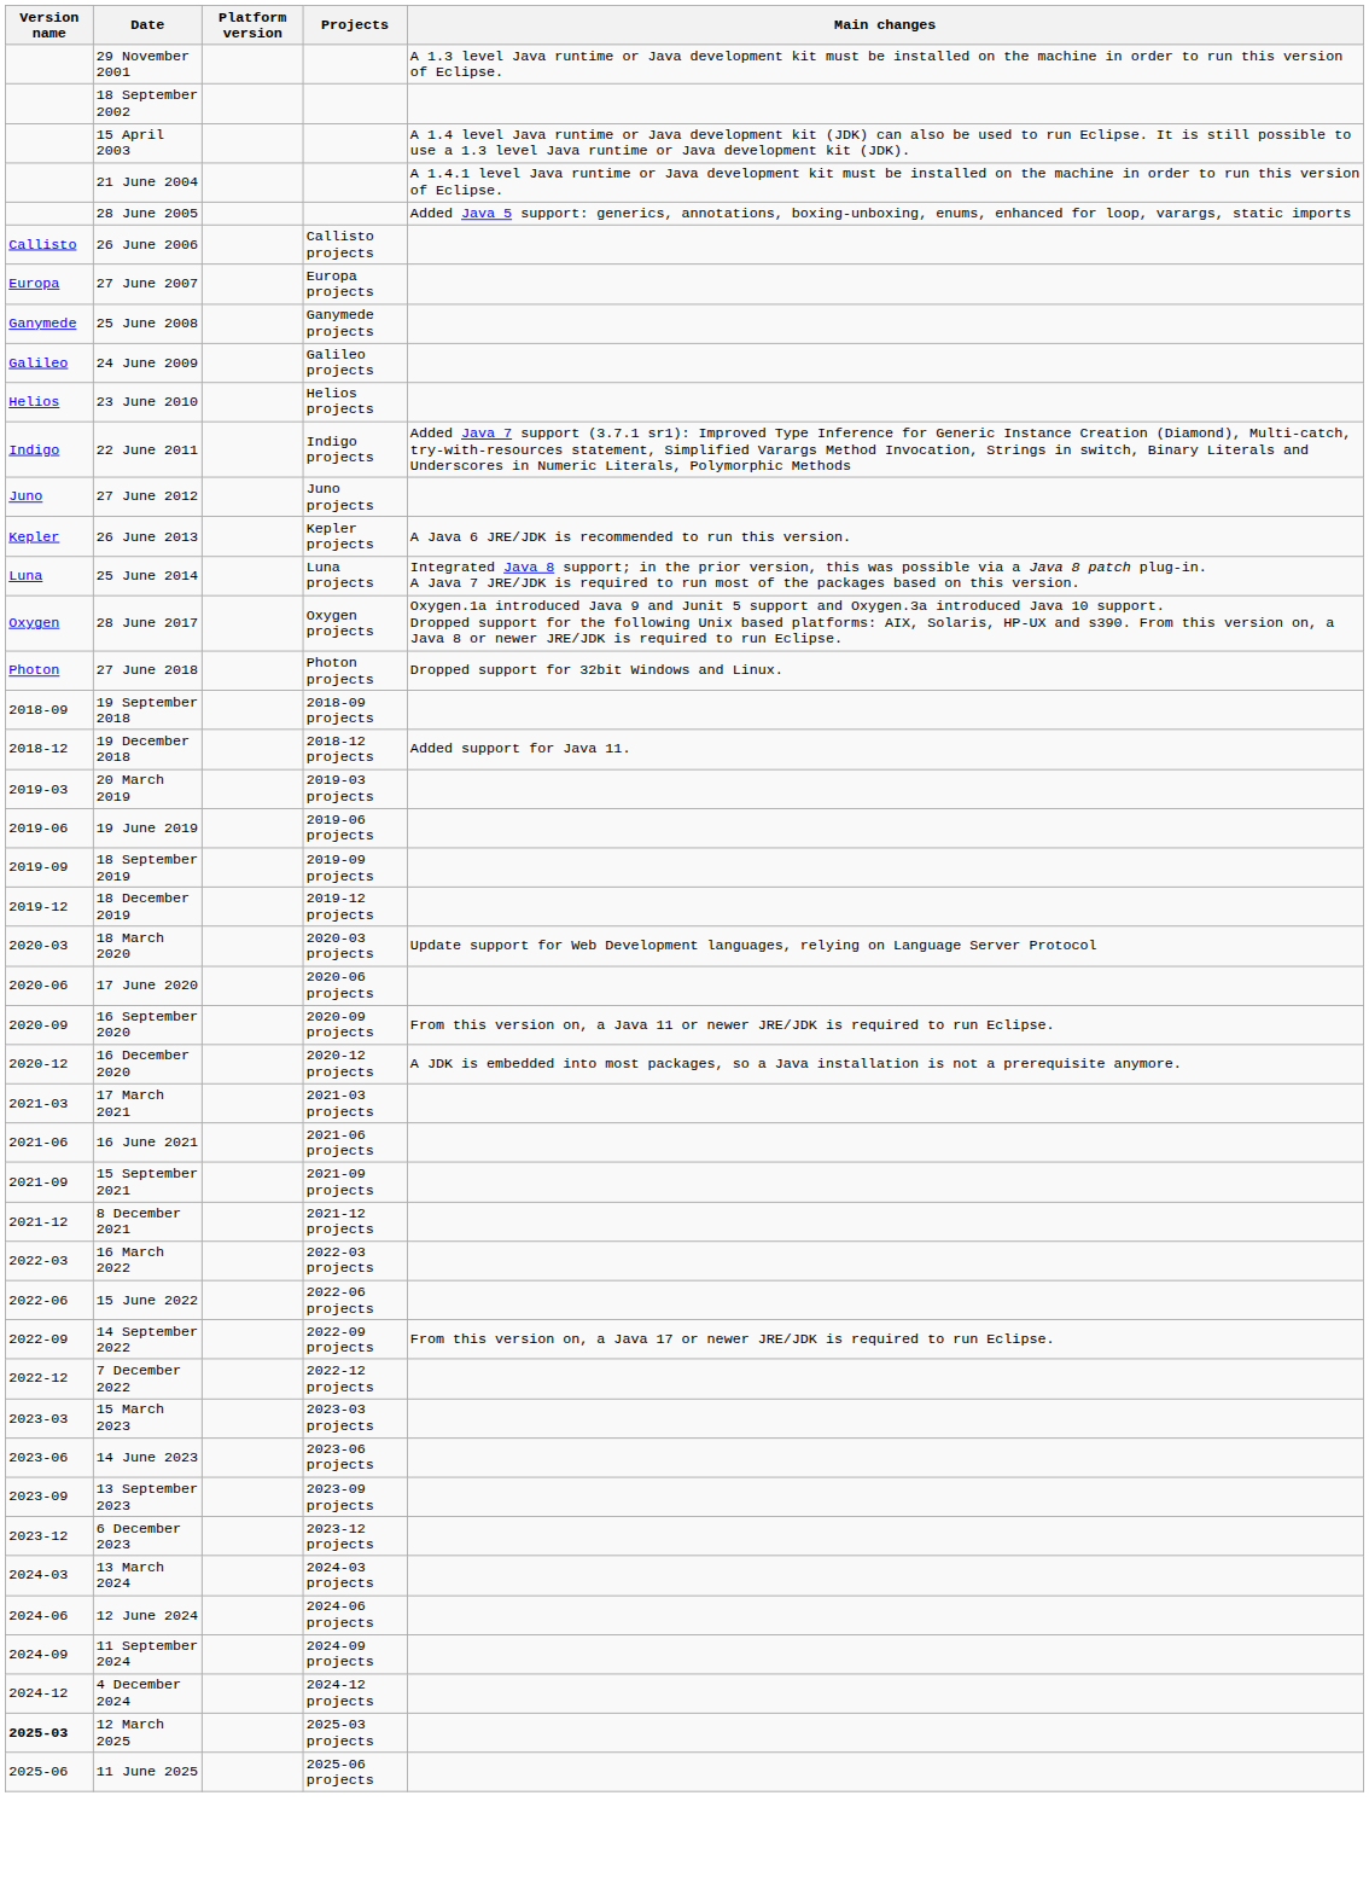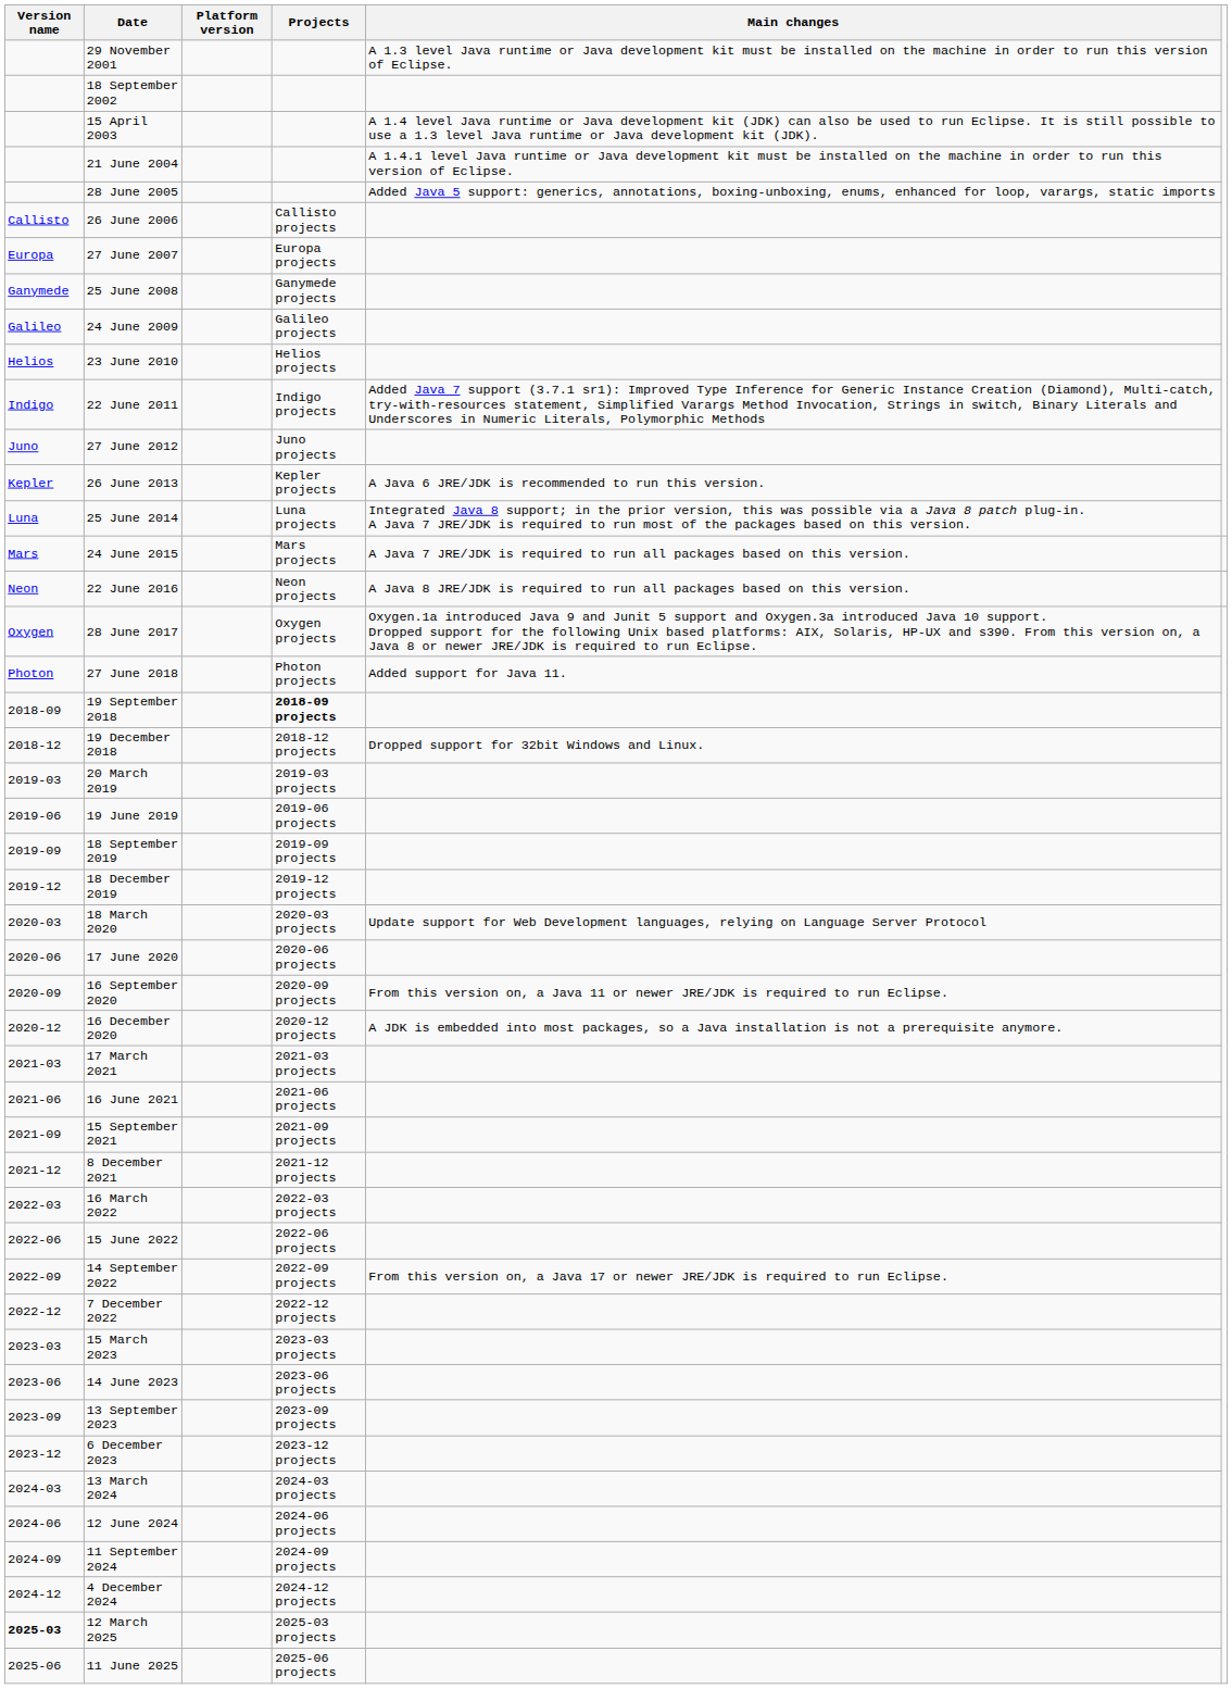 <table class="wikitable sortable">
 <tr>
 <th>Version name</th>
 <th>Date</th>
 <th>Platform version</th>
 <th>Projects</th>
 <th>Main changes</th>
 </tr>
 <tr>
 <td></td>
 <td>29 November 2001</td>
 <td></td>
 <td></td>
 <td>A 1.3 level Java runtime or Java development kit must be installed on the machine in order to run this version of Eclipse.</td>
 </tr>
 <tr>
 <td></td>
 <td>18 September 2002</td>
 <td></td>
 <td></td>
 <td></td>
 </tr>
 <tr>
 <td></td>
 <td>15 April 2003</td>
 <td></td>
 <td></td>
 <td>A 1.4 level Java runtime or Java development kit (JDK) can also be used to run Eclipse. It is still possible to use a 1.3 level Java runtime or Java development kit (JDK).</td>
 </tr>
 <tr>
 <td></td>
 <td>21 June 2004</td>
 <td></td>
 <td></td>
 <td>A 1.4.1 level Java runtime or Java development kit must be installed on the machine in order to run this version of Eclipse.</td>
 </tr>
 <tr>
 <td></td>
 <td>28 June 2005</td>
 <td></td>
 <td></td>
 <td>Added <a href='#'>Java 5</a> support: generics, annotations, boxing-unboxing, enums, enhanced for loop, varargs, static imports</td>
 </tr>
 <tr>
 <td><a href='#'>Callisto</a></td>
 <td>26 June 2006</td>
 <td></td>
 <td>Callisto projects</td>
 <td></td>
 </tr>
 <tr>
 <td><a href='#'>Europa</a></td>
 <td>27 June 2007</td>
 <td></td>
 <td>Europa projects</td>
 <td></td>
 </tr>
 <tr>
 <td><a href='#'>Ganymede</a></td>
 <td>25 June 2008</td>
 <td></td>
 <td>Ganymede projects</td>
 <td></td>
 </tr>
 <tr>
 <td><a href='#'>Galileo</a></td>
 <td>24 June 2009</td>
 <td></td>
 <td>Galileo projects</td>
 <td></td>
 </tr>
 <tr>
 <td><a href='#'>Helios</a></td>
 <td>23 June 2010</td>
 <td></td>
 <td>Helios projects</td>
 <td></td>
 </tr>
 <tr>
 <td><a href='#'>Indigo</a></td>
 <td>22 June 2011</td>
 <td></td>
 <td>Indigo projects</td>
 <td>Added <a href='#'>Java 7</a> support (3.7.1 sr1): Improved Type Inference for Generic Instance Creation (Diamond), Multi-catch, try-with-resources statement, Simplified Varargs Method Invocation, Strings in switch, Binary Literals and Underscores in Numeric Literals, Polymorphic Methods</td>
 </tr>
 <tr>
 <td><a href='#'>Juno</a></td>
 <td>27 June 2012</td>
 <td><br></td>
 <td>Juno projects</td>
 <td></td>
 </tr>
 <tr>
 <td><a href='#'>Kepler</a></td>
 <td>26 June 2013</td>
 <td></td>
 <td>Kepler projects</td>
 <td>A Java 6 JRE/JDK is recommended to run this version.</td>
 </tr>
 <tr>
 <td><a href='#'>Luna</a></td>
 <td>25 June 2014</td>
 <td></td>
 <td>Luna projects</td>
 <td>Integrated <a href='#'>Java 8</a> support; in the prior version, this was possible via a <em>Java 8 patch</em> plug-in.<br>A Java 7 JRE/JDK is required to run most of the packages based on this version.</td>
 </tr>
 <tr>
+<td><a href='#'>Mars</a></td>
+<td>24 June 2015</td>
+<td></td>
+<td>Mars projects</td>
+<td>A Java 7 JRE/JDK is required to run all packages based on this version.</td>
+<td></td>
+</tr>
+<tr>
+<td><a href='#'>Neon</a></td>
+<td>22 June 2016</td>
+<td></td>
+<td>Neon projects</td>
+<td>A Java 8 JRE/JDK is required to run all packages based on this version.</td>
+<td></td>
+</tr>
+<tr>
 <td><a href='#'>Oxygen</a></td>
 <td>28 June 2017</td>
 <td></td>
 <td>Oxygen projects</td>
 <td>Oxygen.1a introduced Java 9 and Junit 5 support and Oxygen.3a introduced Java 10 support.<br>Dropped support for the following Unix based platforms: AIX, Solaris, HP-UX and s390. From this version on, a Java 8 or newer JRE/JDK is required to run Eclipse.</td>
 </tr>
 <tr>
 <td><a href='#'>Photon</a></td>
 <td>27 June 2018</td>
 <td></td>
 <td>Photon projects</td>
-<td>Dropped support for 32bit Windows and Linux.</td>
+<td>Added support for Java 11.</td>
 </tr>
 <tr>
 <td>2018-09</td>
 <td>19 September 2018</td>
 <td></td>
-<td>2018-09 projects</td>
+<td><strong>2018-09 projects</strong></td>
 <td></td>
 </tr>
 <tr>
 <td>2018-12</td>
 <td>19 December 2018</td>
 <td></td>
 <td>2018-12 projects</td>
-<td>Added support for Java 11.</td>
+<td>Dropped support for 32bit Windows and Linux.</td>
 </tr>
 <tr>
 <td>2019-03</td>
 <td>20 March 2019</td>
 <td></td>
 <td>2019-03 projects</td>
 <td></td>
 </tr>
 <tr>
 <td>2019-06</td>
 <td>19 June 2019</td>
 <td></td>
 <td>2019-06 projects</td>
 <td></td>
 </tr>
 <tr>
 <td>2019-09</td>
 <td>18 September 2019</td>
 <td></td>
 <td>2019-09 projects</td>
 <td></td>
 </tr>
 <tr>
 <td>2019-12</td>
 <td>18 December 2019</td>
 <td></td>
 <td>2019-12 projects</td>
 <td></td>
 </tr>
 <tr>
 <td>2020-03</td>
 <td>18 March 2020</td>
 <td></td>
 <td>2020-03 projects</td>
 <td>Update support for Web Development languages, relying on Language Server Protocol</td>
 </tr>
 <tr>
 <td>2020-06</td>
 <td>17 June 2020</td>
 <td></td>
 <td>2020-06 projects</td>
 <td></td>
 </tr>
 <tr>
 <td>2020-09</td>
 <td>16 September 2020</td>
 <td></td>
 <td>2020-09 projects</td>
 <td>From this version on, a Java 11 or newer JRE/JDK is required to run Eclipse.</td>
 </tr>
 <tr>
 <td>2020-12</td>
 <td>16 December 2020</td>
 <td></td>
 <td>2020-12 projects</td>
 <td>A JDK is embedded into most packages, so a Java installation is not a prerequisite anymore.</td>
 </tr>
 <tr>
 <td>2021-03</td>
 <td>17 March 2021</td>
 <td></td>
 <td>2021-03 projects</td>
 <td></td>
 </tr>
 <tr>
 <td>2021-06</td>
 <td>16 June 2021</td>
 <td></td>
 <td>2021-06 projects</td>
 <td></td>
 </tr>
 <tr>
 <td>2021-09</td>
 <td>15 September 2021</td>
 <td></td>
 <td>2021-09 projects</td>
 <td></td>
 </tr>
 <tr>
 <td>2021-12</td>
 <td>8 December 2021</td>
 <td></td>
 <td>2021-12 projects</td>
 <td></td>
 </tr>
 <tr>
 <td>2022-03</td>
 <td>16 March 2022</td>
 <td></td>
 <td>2022-03 projects</td>
 <td></td>
 </tr>
 <tr>
 <td>2022-06</td>
 <td>15 June 2022</td>
 <td></td>
 <td>2022-06 projects</td>
 <td></td>
 </tr>
 <tr>
 <td>2022-09</td>
 <td>14 September 2022</td>
 <td></td>
 <td>2022-09 projects</td>
 <td>From this version on, a Java 17 or newer JRE/JDK is required to run Eclipse.</td>
 </tr>
 <tr>
 <td>2022-12</td>
 <td>7 December 2022</td>
 <td></td>
 <td>2022-12 projects</td>
 <td></td>
 </tr>
 <tr>
 <td>2023-03</td>
 <td>15 March 2023</td>
 <td></td>
 <td>2023-03 projects</td>
 <td></td>
 </tr>
 <tr>
 <td>2023-06</td>
 <td>14 June 2023</td>
 <td></td>
 <td>2023-06 projects</td>
 <td></td>
 </tr>
 <tr>
 <td>2023-09</td>
 <td>13 September 2023</td>
 <td></td>
 <td>2023-09 projects</td>
 <td></td>
 </tr>
 <tr>
 <td>2023-12</td>
 <td>6 December 2023</td>
 <td></td>
 <td>2023-12 projects</td>
 <td></td>
 </tr>
 <tr>
 <td>2024-03</td>
 <td>13 March 2024</td>
 <td></td>
 <td>2024-03 projects</td>
 <td></td>
 </tr>
 <tr>
 <td>2024-06</td>
 <td>12 June 2024</td>
 <td></td>
 <td>2024-06 projects</td>
 <td></td>
 </tr>
 <tr>
 <td>2024-09</td>
 <td>11 September 2024</td>
 <td></td>
 <td>2024-09 projects</td>
 <td></td>
 </tr>
 <tr>
 <td>2024-12</td>
 <td>4 December 2024</td>
 <td></td>
 <td>2024-12 projects</td>
 <td></td>
 </tr>
 <tr>
 <td><strong>2025-03</strong></td>
 <td>12 March 2025</td>
 <td></td>
 <td>2025-03 projects</td>
 <td></td>
 </tr>
 <tr>
 <td>2025-06</td>
 <td>11 June 2025</td>
 <td></td>
 <td>2025-06 projects</td>
 <td></td>
 </tr>
 </table>
